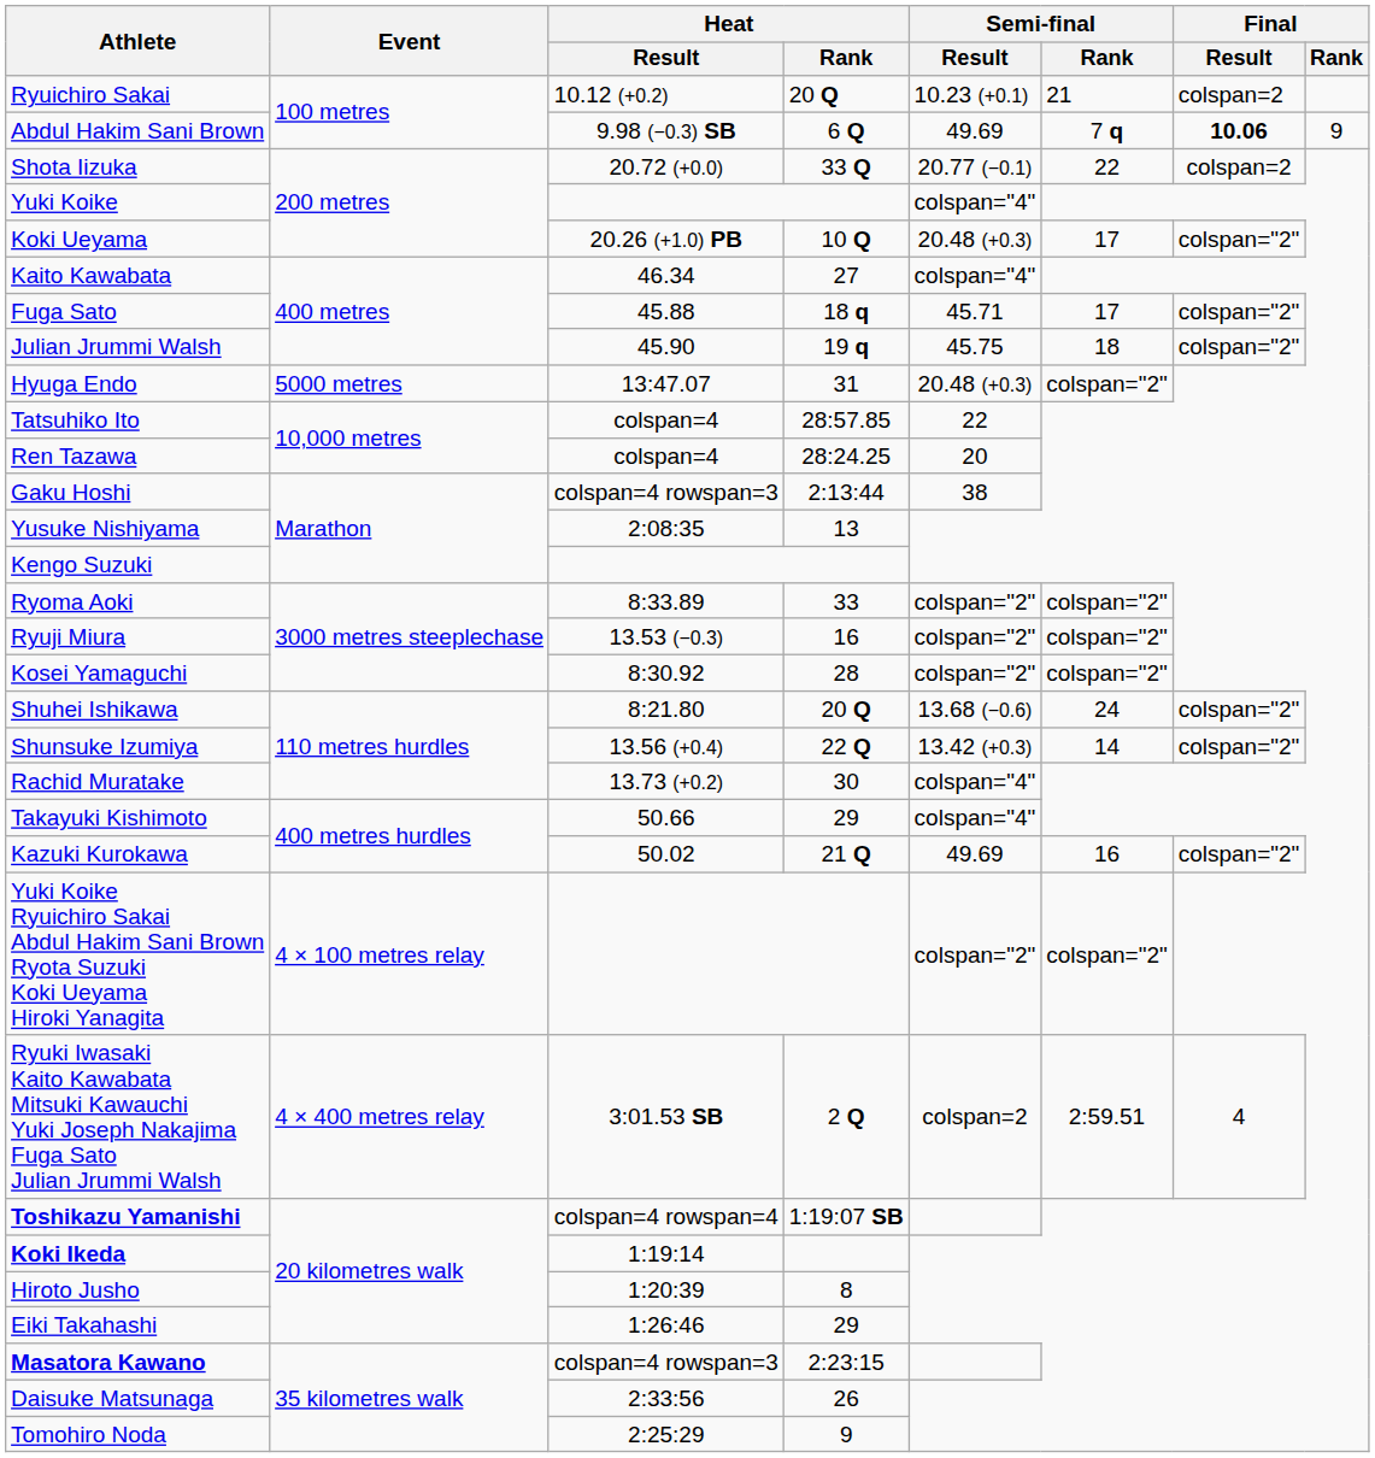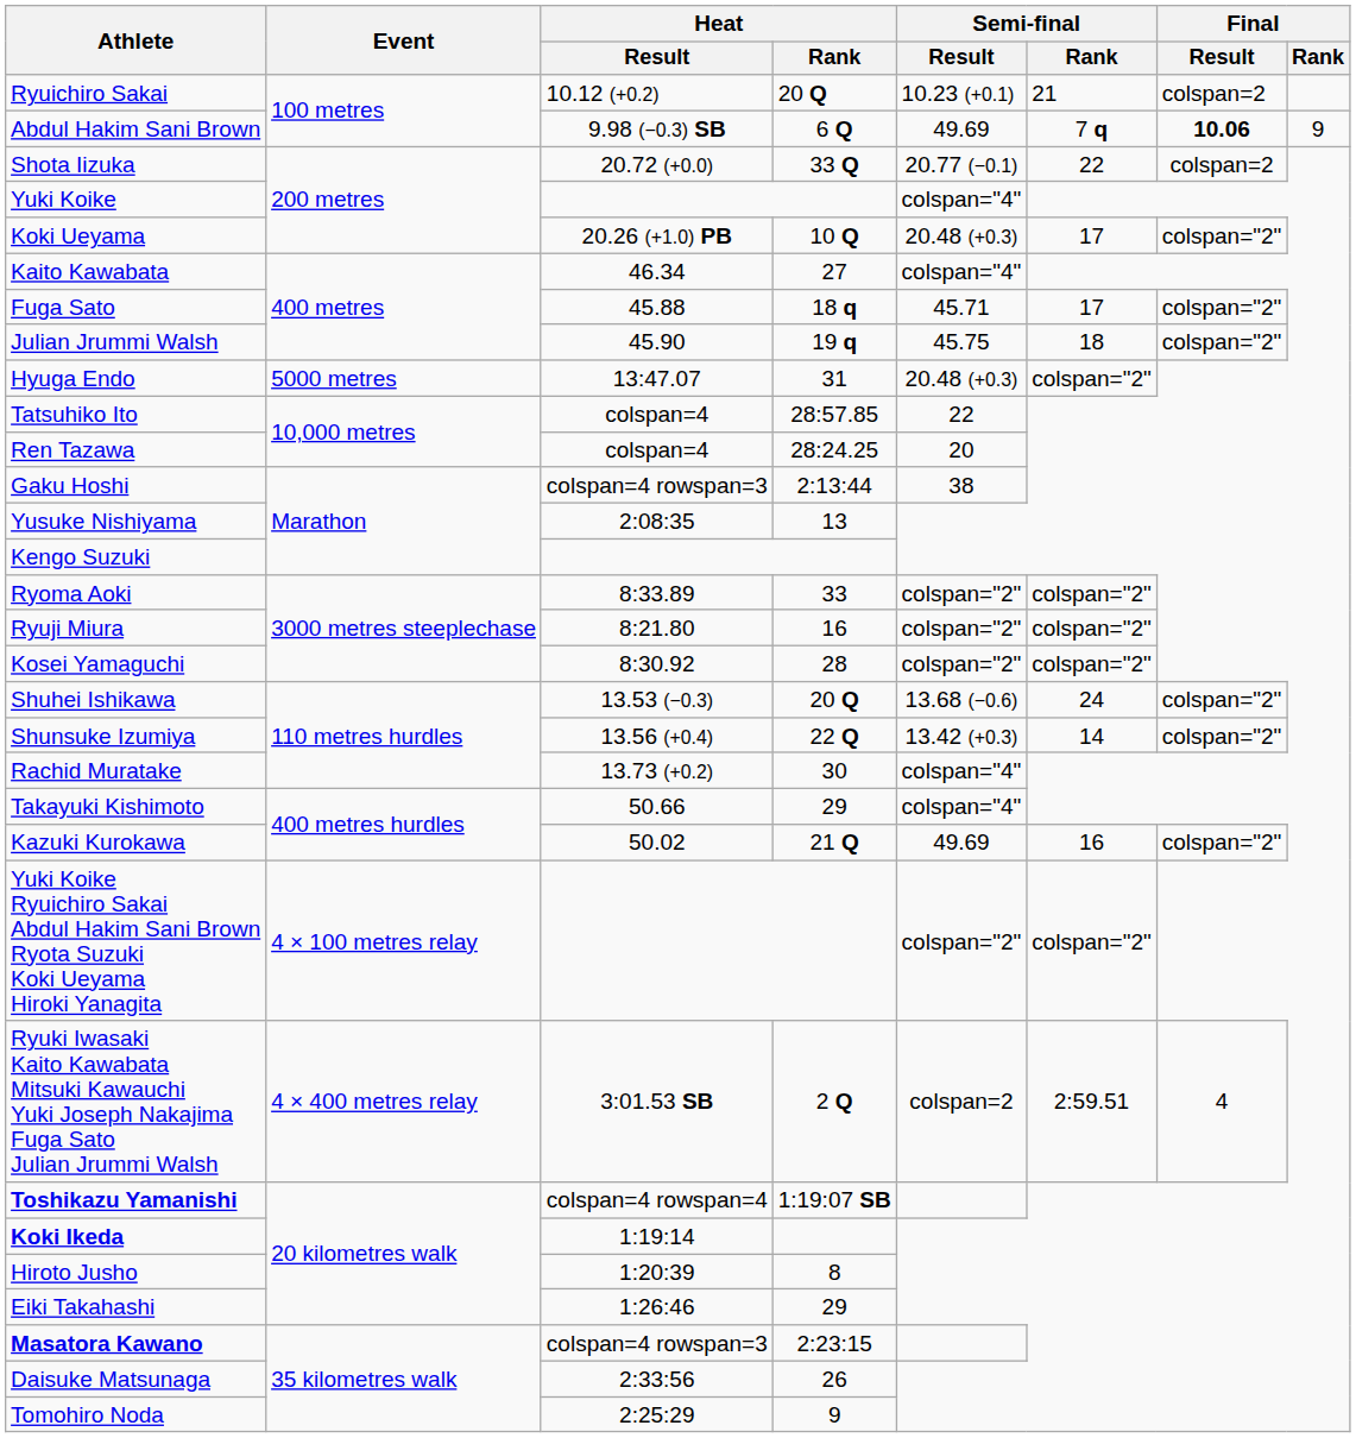 <table class="wikitable" style="font-size:90%">
 <tr>
 <th rowspan="2">Athlete</th>
 <th rowspan="2">Event</th>
 <th colspan="2">Heat</th>
 <th colspan="2">Semi-final</th>
 <th colspan="2">Final</th>
 </tr>
 <tr style="font-size:95%">
 <th>Result</th>
 <th>Rank</th>
 <th>Result</th>
 <th>Rank</th>
 <th>Result</th>
 <th>Rank</th>
 </tr>
 <tr align:center>
 <td align:left><a href='#'>Ryuichiro Sakai</a></td>
 <td rowspan="2" align="left"><a href='#'>100 metres</a></td>
 <td>10.12 <small>(+0.2)</small></td>
 <td>20 <strong>Q</strong></td>
 <td>10.23 <small>(+0.1)</small></td>
 <td>21</td>
 <td>colspan=2 </td>
 </tr>
 <tr align="center">
 <td align="left"><a href='#'>Abdul Hakim Sani Brown</a></td>
 <td>9.98 <small>(−0.3)</small> <strong>SB</strong></td>
 <td>6 <strong>Q</strong></td>
 <td>49.69</td>
 <td>7 <strong>q</strong></td>
 <td><strong>10.06</strong></td>
 <td>9</td>
 </tr>
 <tr align="center">
 <td align="left"><a href='#'>Shota Iizuka</a></td>
 <td rowspan="3" align="left"><a href='#'>200 metres</a></td>
 <td>20.72 <small>(+0.0)</small></td>
 <td>33 <strong>Q</strong></td>
 <td>20.77 <small>(−0.1)</small></td>
 <td>22</td>
 <td>colspan=2 </td>
 </tr>
 <tr align="center">
 <td align="left"><a href='#'>Yuki Koike</a></td>
 <td colspan="2"></td>
 <td>colspan="4" </td>
 </tr>
 <tr align="center">
 <td align="left"><a href='#'>Koki Ueyama</a></td>
 <td>20.26 <small>(+1.0)</small> <strong>PB</strong></td>
 <td>10 <strong>Q</strong></td>
 <td>20.48 <small>(+0.3)</small></td>
 <td>17</td>
 <td>colspan="2" </td>
 </tr>
 <tr align="center">
 <td align="left"><a href='#'>Kaito Kawabata</a></td>
 <td rowspan="3" align="left"><a href='#'>400 metres</a></td>
 <td>46.34</td>
 <td>27</td>
 <td>colspan="4" </td>
 </tr>
 <tr align="center">
 <td align="left"><a href='#'>Fuga Sato</a></td>
 <td>45.88</td>
 <td>18 <strong>q</strong></td>
 <td>45.71</td>
 <td>17</td>
 <td>colspan="2" </td>
 </tr>
 <tr align="center">
 <td align="left"><a href='#'>Julian Jrummi Walsh</a></td>
 <td>45.90</td>
 <td>19 <strong>q</strong></td>
 <td>45.75</td>
 <td>18</td>
 <td>colspan="2" </td>
 </tr>
 <tr align="center">
 <td align="left"><a href='#'>Hyuga Endo</a></td>
 <td rowspan="1" align="left"><a href='#'>5000 metres</a></td>
 <td>13:47.07</td>
 <td>31</td>
 <td>20.48 <small>(+0.3)</small></td>
 <td>colspan="2" </td>
 </tr>
 <tr align="center">
 <td align="left"><a href='#'>Tatsuhiko Ito</a></td>
 <td rowspan="2" align="left"><a href='#'>10,000 metres</a></td>
 <td>colspan=4 </td>
 <td>28:57.85</td>
 <td>22</td>
 </tr>
 <tr align="center">
 <td align="left"><a href='#'>Ren Tazawa</a></td>
 <td>colspan=4 </td>
 <td>28:24.25</td>
 <td>20</td>
 </tr>
 <tr align="center">
 <td align="left"><a href='#'>Gaku Hoshi</a></td>
 <td rowspan="3" align="left"><a href='#'>Marathon</a></td>
 <td>colspan=4 rowspan=3 </td>
 <td>2:13:44</td>
 <td>38</td>
 </tr>
 <tr align="center">
 <td align="left"><a href='#'>Yusuke Nishiyama</a></td>
 <td>2:08:35</td>
 <td>13</td>
 </tr>
 <tr align="center">
 <td align="left"><a href='#'>Kengo Suzuki</a></td>
 <td colspan="2"></td>
 </tr>
 <tr align="center">
 <td align="left"><a href='#'>Ryoma Aoki</a></td>
 <td rowspan="3" align="left"><a href='#'>3000 metres steeplechase</a></td>
 <td>8:33.89</td>
 <td>33</td>
 <td>colspan="2" </td>
 <td>colspan="2" </td>
 </tr>
 <tr align="center">
 <td align="left"><a href='#'>Ryuji Miura</a></td>
-<td>13.53 <small>(−0.3)</small></td>
+<td>8:21.80</td>
 <td>16</td>
 <td>colspan="2" </td>
 <td>colspan="2" </td>
 </tr>
 <tr align="center">
 <td align="left"><a href='#'>Kosei Yamaguchi</a></td>
 <td>8:30.92</td>
 <td>28</td>
 <td>colspan="2" </td>
 <td>colspan="2" </td>
 </tr>
 <tr align="center">
 <td align="left"><a href='#'>Shuhei Ishikawa</a></td>
 <td rowspan="3" align="left"><a href='#'>110 metres hurdles</a></td>
-<td>8:21.80</td>
+<td>13.53 <small>(−0.3)</small></td>
 <td>20 <strong>Q</strong></td>
 <td>13.68 <small>(−0.6)</small></td>
 <td>24</td>
 <td>colspan="2" </td>
 </tr>
 <tr align="center">
 <td align="left"><a href='#'>Shunsuke Izumiya</a></td>
 <td>13.56 <small>(+0.4)</small></td>
 <td>22 <strong>Q</strong></td>
 <td>13.42 <small>(+0.3)</small></td>
 <td>14</td>
 <td>colspan="2" </td>
 </tr>
 <tr align="center">
 <td align="left"><a href='#'>Rachid Muratake</a></td>
 <td>13.73 <small>(+0.2)</small></td>
 <td>30</td>
 <td>colspan="4" </td>
 </tr>
 <tr align="center">
 <td align="left"><a href='#'>Takayuki Kishimoto</a></td>
 <td rowspan="2" align="left"><a href='#'>400 metres hurdles</a></td>
 <td>50.66</td>
 <td>29</td>
 <td>colspan="4" </td>
 </tr>
 <tr align="center">
 <td align="left"><a href='#'>Kazuki Kurokawa</a></td>
 <td>50.02</td>
 <td>21 <strong>Q</strong></td>
 <td>49.69</td>
 <td>16</td>
 <td>colspan="2" </td>
 </tr>
 <tr align="center">
 <td align="left"><a href='#'>Yuki Koike</a><br><a href='#'>Ryuichiro Sakai</a><br><a href='#'>Abdul Hakim Sani Brown</a><br><a href='#'>Ryota Suzuki</a><br><a href='#'>Koki Ueyama</a><br><a href='#'>Hiroki Yanagita</a></td>
 <td align="left"><a href='#'>4 × 100 metres relay</a></td>
 <td colspan="2"></td>
 <td>colspan="2" </td>
 <td>colspan="2" </td>
 </tr>
 <tr align="center">
 <td align="left"><a href='#'>Ryuki Iwasaki</a><br><a href='#'>Kaito Kawabata</a><br><a href='#'>Mitsuki Kawauchi</a><br><a href='#'>Yuki Joseph Nakajima</a><br><a href='#'>Fuga Sato</a><br><a href='#'>Julian Jrummi Walsh</a></td>
 <td align="left"><a href='#'>4 × 400 metres relay</a></td>
 <td>3:01.53 <strong>SB</strong></td>
 <td>2 <strong>Q</strong></td>
 <td>colspan=2 </td>
 <td>2:59.51</td>
 <td>4</td>
 </tr>
 <tr align="center">
 <td align="left"><strong><a href='#'>Toshikazu Yamanishi</a></strong></td>
 <td rowspan="4" align="left"><a href='#'>20 kilometres walk</a></td>
 <td>colspan=4 rowspan=4 </td>
 <td>1:19:07 <strong>SB</strong></td>
 <td></td>
 </tr>
 <tr align="center">
 <td align="left"><strong><a href='#'>Koki Ikeda</a></strong></td>
 <td>1:19:14</td>
 <td></td>
 </tr>
 <tr align="center">
 <td align="left"><a href='#'>Hiroto Jusho</a></td>
 <td>1:20:39</td>
 <td>8</td>
 </tr>
 <tr align="center">
 <td align="left"><a href='#'>Eiki Takahashi</a></td>
 <td>1:26:46</td>
 <td>29</td>
 </tr>
 <tr align="center">
 <td align="left"><strong><a href='#'>Masatora Kawano</a></strong></td>
 <td rowspan="3" align="left"><a href='#'>35 kilometres walk</a></td>
 <td>colspan=4 rowspan=3 </td>
 <td>2:23:15</td>
 <td></td>
 </tr>
 <tr align="center">
 <td align="left"><a href='#'>Daisuke Matsunaga</a></td>
 <td>2:33:56</td>
 <td>26</td>
 </tr>
 <tr align="center">
 <td align="left"><a href='#'>Tomohiro Noda</a></td>
 <td>2:25:29</td>
 <td>9</td>
 </tr>
 </table>
